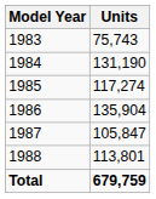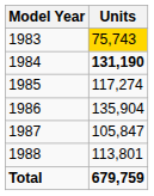 <table class="wikitable">
 <tr>
 <th>Model Year</th>
 <th>Units</th>
 </tr>
 <tr>
 <td>1983</td>
-<td>75,743</td>
+<td style="background: gold;">75,743</td>
 </tr>
 <tr>
 <td>1984</td>
-<td>131,190</td>
+<td><strong>131,190</strong></td>
 </tr>
 <tr>
 <td>1985</td>
 <td>117,274</td>
 </tr>
 <tr>
 <td>1986</td>
 <td>135,904</td>
 </tr>
 <tr>
 <td>1987</td>
 <td>105,847</td>
 </tr>
 <tr>
 <td>1988</td>
 <td>113,801</td>
 </tr>
 <tr>
 <td><strong>Total</strong></td>
 <td><strong>679,759</strong></td>
 </tr>
 </table>
